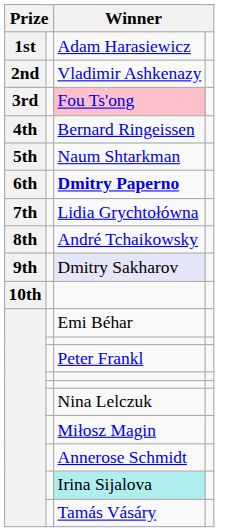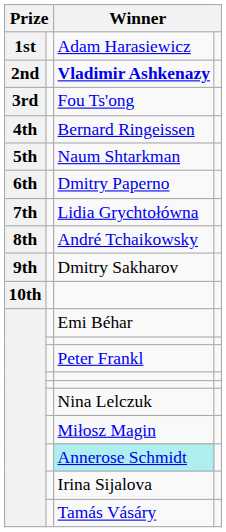 <table class="wikitable">
 <tr>
 <th colspan="2">Prize</th>
 <th colspan="2">Winner</th>
 </tr>
 <tr>
 <th>1st</th>
 <td></td>
 <td><a href='#'>Adam Harasiewicz</a></td>
 <td></td>
 </tr>
 <tr>
 <th>2nd</th>
 <td></td>
-<td><a href='#'>Vladimir Ashkenazy</a></td>
+<td><strong><a href='#'>Vladimir Ashkenazy</a></strong></td>
 <td></td>
 </tr>
 <tr>
 <th>3rd</th>
 <td></td>
-<td style="background: pink;"><a href='#'>Fou Ts'ong</a></td>
+<td><a href='#'>Fou Ts'ong</a></td>
 <td></td>
 </tr>
 <tr>
 <th>4th</th>
 <td></td>
 <td><a href='#'>Bernard Ringeissen</a></td>
 <td></td>
 </tr>
 <tr>
 <th>5th</th>
 <td></td>
 <td><a href='#'>Naum Shtarkman</a></td>
 <td></td>
 </tr>
 <tr>
 <th>6th</th>
 <td></td>
-<td><strong><a href='#'>Dmitry Paperno</a></strong></td>
+<td><a href='#'>Dmitry Paperno</a></td>
 <td></td>
 </tr>
 <tr>
 <th>7th</th>
 <td></td>
 <td><a href='#'>Lidia Grychtołówna</a></td>
 <td></td>
 </tr>
 <tr>
 <th>8th</th>
 <td></td>
 <td><a href='#'>André Tchaikowsky</a></td>
 <td></td>
 </tr>
 <tr>
 <th>9th</th>
 <td></td>
-<td style="background: lavender;">Dmitry Sakharov</td>
+<td>Dmitry Sakharov</td>
 <td></td>
 </tr>
 <tr>
 <th>10th</th>
 <td></td>
 <td></td>
 <td></td>
 </tr>
 <tr>
 <th rowspan="10"></th>
 <td></td>
 <td>Emi Béhar</td>
 <td></td>
 </tr>
 <tr>
 <td></td>
 <td></td>
 <td></td>
 </tr>
 <tr>
 <td></td>
 <td><a href='#'>Peter Frankl</a></td>
 <td></td>
 </tr>
 <tr>
 <td></td>
 <td></td>
 <td></td>
 </tr>
 <tr>
 <td></td>
 <td></td>
 <td></td>
 </tr>
 <tr>
 <td></td>
 <td>Nina Lelczuk</td>
 <td></td>
 </tr>
 <tr>
 <td></td>
 <td><a href='#'>Miłosz Magin</a></td>
 <td></td>
 </tr>
 <tr>
 <td></td>
-<td><a href='#'>Annerose Schmidt</a></td>
+<td style="background: paleturquoise;"><a href='#'>Annerose Schmidt</a></td>
 <td></td>
 </tr>
 <tr>
 <td></td>
-<td style="background: paleturquoise;">Irina Sijalova</td>
+<td>Irina Sijalova</td>
 <td></td>
 </tr>
 <tr>
 <td></td>
 <td><a href='#'>Tamás Vásáry</a></td>
 <td></td>
 </tr>
 </table>
